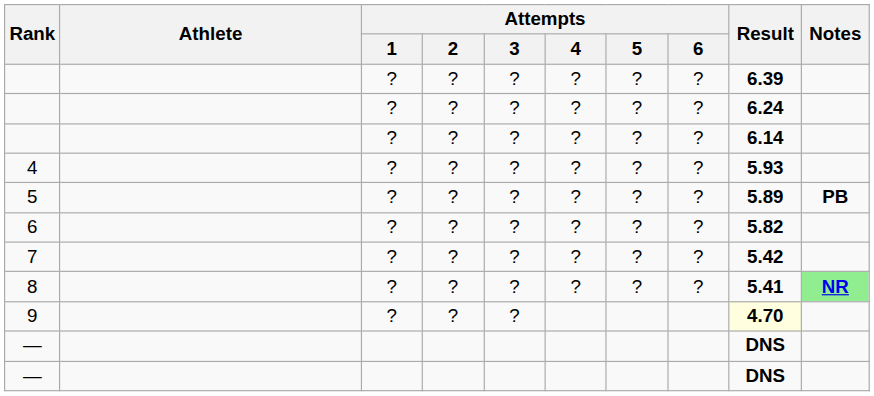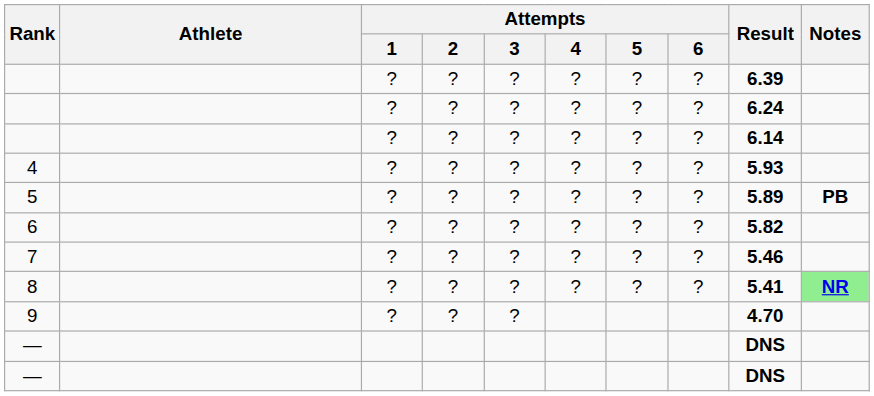 <table class="wikitable" style="text-align:center">
 <tr>
 <th rowspan=2 width=40>Rank</th>
 <th rowspan=2 width=250>Athlete</th>
 <th colspan=6>Attempts</th>
 <th rowspan=2 width=55>Result</th>
 <th rowspan=2 width=50>Notes</th>
 </tr>
 <tr>
 <th width=45>1</th>
 <th width=45>2</th>
 <th width=45>3</th>
 <th width=45>4</th>
 <th width=45>5</th>
 <th width=45>6</th>
 </tr>
 <tr>
 <td></td>
 <td align=left></td>
 <td>?</td>
 <td>?</td>
 <td>?</td>
 <td>?</td>
 <td>?</td>
 <td>?</td>
 <td><strong>6.39</strong></td>
 <td></td>
 </tr>
 <tr>
 <td></td>
 <td align=left></td>
 <td>?</td>
 <td>?</td>
 <td>?</td>
 <td>?</td>
 <td>?</td>
 <td>?</td>
 <td><strong>6.24</strong></td>
 <td></td>
 </tr>
 <tr>
 <td></td>
 <td align=left></td>
 <td>?</td>
 <td>?</td>
 <td>?</td>
 <td>?</td>
 <td>?</td>
 <td>?</td>
 <td><strong>6.14</strong></td>
 <td></td>
 </tr>
 <tr>
 <td>4</td>
 <td align=left></td>
 <td>?</td>
 <td>?</td>
 <td>?</td>
 <td>?</td>
 <td>?</td>
 <td>?</td>
 <td><strong>5.93</strong></td>
 <td></td>
 </tr>
 <tr>
 <td>5</td>
 <td align=left></td>
 <td>?</td>
 <td>?</td>
 <td>?</td>
 <td>?</td>
 <td>?</td>
 <td>?</td>
 <td><strong>5.89</strong></td>
 <td><strong>PB</strong></td>
 </tr>
 <tr>
 <td>6</td>
 <td align=left></td>
 <td>?</td>
 <td>?</td>
 <td>?</td>
 <td>?</td>
 <td>?</td>
 <td>?</td>
 <td><strong>5.82</strong></td>
 <td></td>
 </tr>
 <tr>
 <td>7</td>
 <td align=left></td>
 <td>?</td>
 <td>?</td>
 <td>?</td>
 <td>?</td>
 <td>?</td>
 <td>?</td>
-<td><strong>5.42</strong></td>
+<td><strong>5.46</strong></td>
 <td></td>
 </tr>
 <tr>
 <td>8</td>
 <td align=left></td>
 <td>?</td>
 <td>?</td>
 <td>?</td>
 <td>?</td>
 <td>?</td>
 <td>?</td>
 <td><strong>5.41</strong></td>
 <td style="background: lightgreen;"><strong><a href='#'>NR</a></strong></td>
 </tr>
 <tr>
 <td>9</td>
 <td align=left></td>
 <td>?</td>
 <td>?</td>
 <td>?</td>
 <td></td>
 <td></td>
 <td></td>
-<td style="background: lightyellow;"><strong>4.70</strong></td>
+<td><strong>4.70</strong></td>
 <td></td>
 </tr>
 <tr>
 <td>—</td>
 <td align=left></td>
 <td></td>
 <td></td>
 <td></td>
 <td></td>
 <td></td>
 <td></td>
 <td><strong>DNS</strong></td>
 <td></td>
 </tr>
 <tr>
 <td>—</td>
 <td align=left></td>
 <td></td>
 <td></td>
 <td></td>
 <td></td>
 <td></td>
 <td></td>
 <td><strong>DNS</strong></td>
 <td></td>
 </tr>
 </table>
